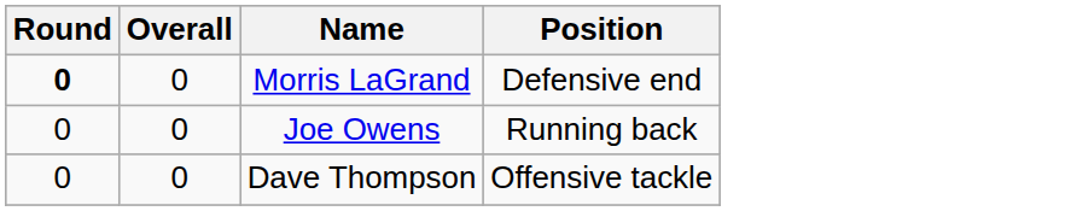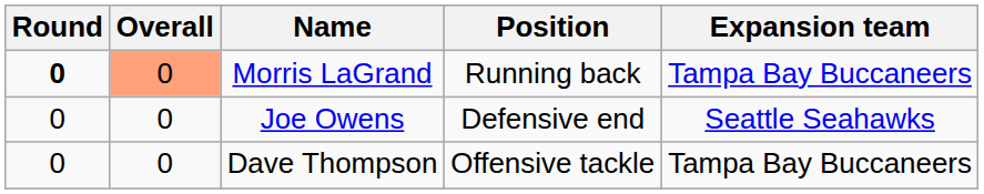 <table class="wikitable" style="text-align:center">
 <tr>
 <th>Round</th>
 <th>Overall</th>
 <th>Name</th>
 <th>Position</th>
+<th>Expansion team</th>
 </tr>
 <tr>
 <td><strong>0</strong></td>
-<td>0</td>
+<td style="background: lightsalmon;">0</td>
 <td><a href='#'>Morris LaGrand</a></td>
-<td>Defensive end</td>
+<td>Running back</td>
+<td><a href='#'>Tampa Bay Buccaneers</a></td>
 </tr>
 <tr>
 <td>0</td>
 <td>0</td>
 <td><a href='#'>Joe Owens</a></td>
-<td>Running back</td>
+<td>Defensive end</td>
+<td><a href='#'>Seattle Seahawks</a></td>
 </tr>
 <tr>
 <td>0</td>
 <td>0</td>
 <td>Dave Thompson</td>
 <td>Offensive tackle</td>
+<td>Tampa Bay Buccaneers</td>
 </tr>
 </table>
